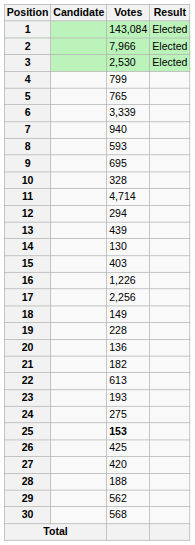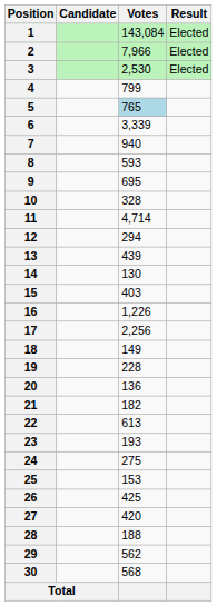 <table class="wikitable sortable col3right">
 <tr>
 <th scope="col">Position</th>
 <th scope="col">Candidate</th>
 <th scope="col">Votes</th>
 <th scope="col">Result</th>
 </tr>
 <tr bgcolor=bbf3bb>
 <th scope="row">1</th>
 <td></td>
 <td>143,084</td>
 <td>Elected</td>
 </tr>
 <tr bgcolor=bbf3bb>
 <th scope="row">2</th>
 <td></td>
 <td>7,966</td>
 <td>Elected</td>
 </tr>
 <tr bgcolor=bbf3bb>
 <th scope="row">3</th>
 <td></td>
 <td>2,530</td>
 <td>Elected</td>
 </tr>
 <tr>
 <th scope="row">4</th>
 <td></td>
 <td>799</td>
 <td></td>
 </tr>
 <tr>
 <th scope="row">5</th>
 <td></td>
-<td>765</td>
+<td style="background: lightblue;">765</td>
 <td></td>
 </tr>
 <tr>
 <th scope="row">6</th>
 <td></td>
 <td>3,339</td>
 <td></td>
 </tr>
 <tr>
 <th scope="row">7</th>
 <td></td>
 <td>940</td>
 <td></td>
 </tr>
 <tr>
 <th scope="row">8</th>
 <td></td>
 <td>593</td>
 <td></td>
 </tr>
 <tr>
 <th scope="row">9</th>
 <td></td>
 <td>695</td>
 <td></td>
 </tr>
 <tr>
 <th scope="row">10</th>
 <td></td>
 <td>328</td>
 <td></td>
 </tr>
 <tr>
 <th scope="row">11</th>
 <td></td>
 <td>4,714</td>
 <td></td>
 </tr>
 <tr>
 <th scope="row">12</th>
 <td></td>
 <td>294</td>
 <td></td>
 </tr>
 <tr>
 <th scope="row">13</th>
 <td></td>
 <td>439</td>
 <td></td>
 </tr>
 <tr>
 <th scope="row">14</th>
 <td></td>
 <td>130</td>
 <td></td>
 </tr>
 <tr>
 <th scope="row">15</th>
 <td></td>
 <td>403</td>
 <td></td>
 </tr>
 <tr>
 <th scope="row">16</th>
 <td></td>
 <td>1,226</td>
 <td></td>
 </tr>
 <tr>
 <th scope="row">17</th>
 <td></td>
 <td>2,256</td>
 <td></td>
 </tr>
 <tr>
 <th scope="row">18</th>
 <td></td>
 <td>149</td>
 <td></td>
 </tr>
 <tr>
 <th scope="row">19</th>
 <td></td>
 <td>228</td>
 <td></td>
 </tr>
 <tr>
 <th scope="row">20</th>
 <td></td>
 <td>136</td>
 <td></td>
 </tr>
 <tr>
 <th scope="row">21</th>
 <td></td>
 <td>182</td>
 <td></td>
 </tr>
 <tr>
 <th scope="row">22</th>
 <td></td>
 <td>613</td>
 <td></td>
 </tr>
 <tr>
 <th scope="row">23</th>
 <td></td>
 <td>193</td>
 <td></td>
 </tr>
 <tr>
 <th scope="row">24</th>
 <td></td>
 <td>275</td>
 <td></td>
 </tr>
 <tr>
 <th scope="row">25</th>
 <td></td>
-<td><strong>153</strong></td>
+<td>153</td>
 <td></td>
 </tr>
 <tr>
 <th scope="row">26</th>
 <td></td>
 <td>425</td>
 <td></td>
 </tr>
 <tr>
 <th scope="row">27</th>
 <td></td>
 <td>420</td>
 <td></td>
 </tr>
 <tr>
 <th scope="row">28</th>
 <td></td>
 <td>188</td>
 <td></td>
 </tr>
 <tr>
 <th scope="row">29</th>
 <td></td>
 <td>562</td>
 <td></td>
 </tr>
 <tr>
 <th scope="row">30</th>
 <td></td>
 <td>568</td>
 <td></td>
 </tr>
 <tr class="sortbottom">
 <th scope="row" colspan="2">Total</th>
 <th></th>
 <th></th>
 </tr>
 </table>
